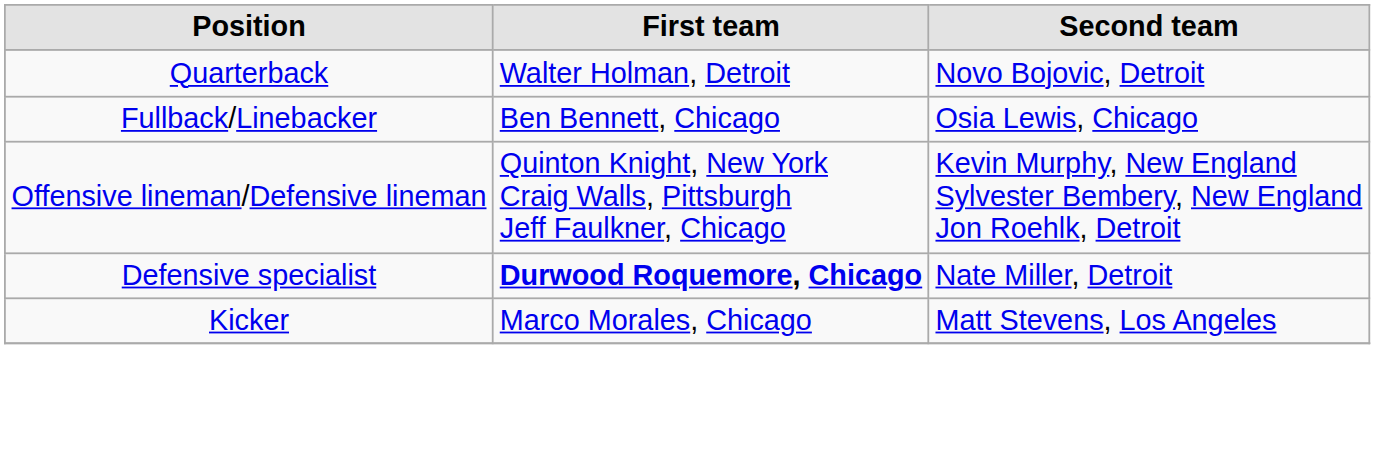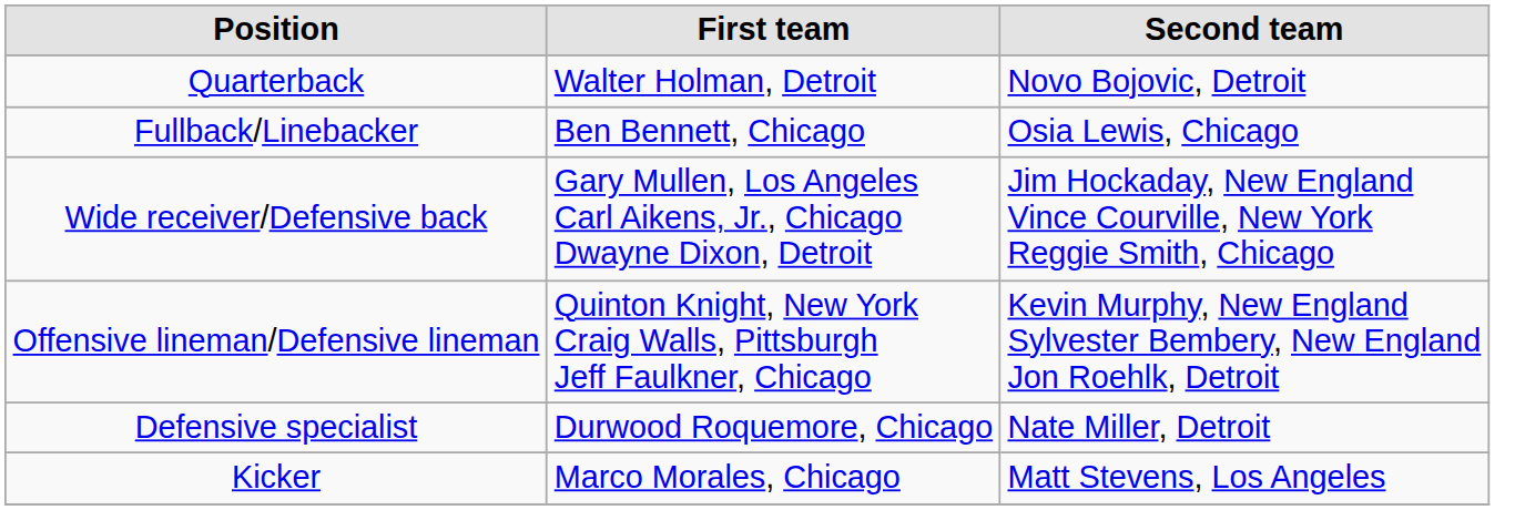 <table class="wikitable">
 <tr>
 <th style="background:#e3e3e3;">Position</th>
 <th style="background:#e3e3e3;">First team</th>
 <th style="background:#e3e3e3;">Second team</th>
 </tr>
 <tr>
 <td align=center><a href='#'>Quarterback</a></td>
 <td><a href='#'>Walter Holman</a>, <a href='#'>Detroit</a></td>
 <td><a href='#'>Novo Bojovic</a>, <a href='#'>Detroit</a></td>
 </tr>
 <tr>
 <td align=center><a href='#'>Fullback</a>/<a href='#'>Linebacker</a></td>
 <td><a href='#'>Ben Bennett</a>, <a href='#'>Chicago</a></td>
 <td><a href='#'>Osia Lewis</a>, <a href='#'>Chicago</a></td>
 </tr>
 <tr>
+<td align=center><a href='#'>Wide receiver</a>/<a href='#'>Defensive back</a></td>
+<td><a href='#'>Gary Mullen</a>, <a href='#'>Los Angeles</a><br><a href='#'>Carl Aikens, Jr.</a>, <a href='#'>Chicago</a><br><a href='#'>Dwayne Dixon</a>, <a href='#'>Detroit</a></td>
+<td><a href='#'>Jim Hockaday</a>, <a href='#'>New England</a><br><a href='#'>Vince Courville</a>, <a href='#'>New York</a><br><a href='#'>Reggie Smith</a>, <a href='#'>Chicago</a></td>
+</tr>
+<tr>
 <td align=center><a href='#'>Offensive lineman</a>/<a href='#'>Defensive lineman</a></td>
 <td><a href='#'>Quinton Knight</a>, <a href='#'>New York</a><br><a href='#'>Craig Walls</a>, <a href='#'>Pittsburgh</a><br><a href='#'>Jeff Faulkner</a>, <a href='#'>Chicago</a></td>
 <td><a href='#'>Kevin Murphy</a>, <a href='#'>New England</a><br><a href='#'>Sylvester Bembery</a>, <a href='#'>New England</a><br><a href='#'>Jon Roehlk</a>, <a href='#'>Detroit</a></td>
 </tr>
 <tr>
 <td align=center><a href='#'>Defensive specialist</a></td>
-<td><strong><a href='#'>Durwood Roquemore</a>, <a href='#'>Chicago</a></strong></td>
+<td><a href='#'>Durwood Roquemore</a>, <a href='#'>Chicago</a></td>
 <td><a href='#'>Nate Miller</a>, <a href='#'>Detroit</a></td>
 </tr>
 <tr>
 <td align=center><a href='#'>Kicker</a></td>
 <td><a href='#'>Marco Morales</a>, <a href='#'>Chicago</a></td>
 <td><a href='#'>Matt Stevens</a>, <a href='#'>Los Angeles</a></td>
 </tr>
 <tr>
 </tr>
 </table>
